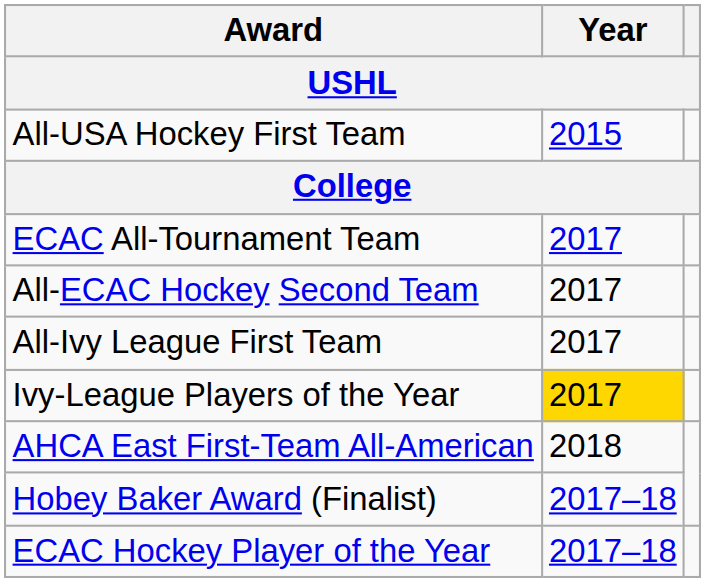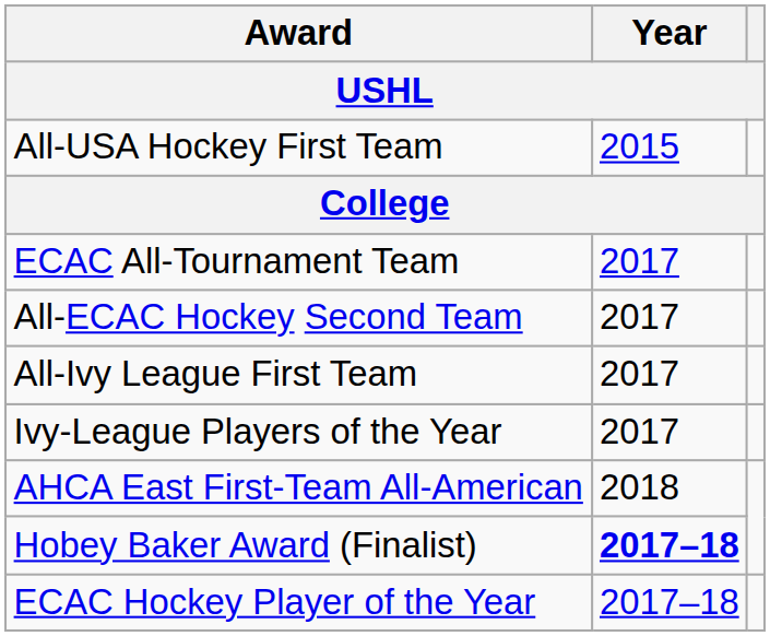 <table class="wikitable">
 <tr>
 <th>Award</th>
 <th>Year</th>
 <th></th>
 </tr>
 <tr>
 <th colspan="3"><a href='#'>USHL</a></th>
 </tr>
 <tr>
 <td>All-USA Hockey First Team</td>
 <td><a href='#'>2015</a></td>
 <td></td>
 </tr>
 <tr>
 <th colspan="3"><a href='#'>College</a></th>
 </tr>
 <tr>
 <td><a href='#'>ECAC</a> All-Tournament Team</td>
 <td><a href='#'>2017</a></td>
 <td></td>
 </tr>
 <tr>
 <td>All-<a href='#'>ECAC Hockey</a> <a href='#'>Second Team</a></td>
 <td>2017</td>
 <td></td>
 </tr>
 <tr>
 <td>All-Ivy League First Team</td>
 <td>2017</td>
 <td></td>
 </tr>
 <tr>
 <td>Ivy-League Players of the Year</td>
-<td style="background: gold;">2017</td>
+<td>2017</td>
 <td></td>
 </tr>
 <tr>
 <td><a href='#'>AHCA East First-Team All-American</a></td>
 <td>2018</td>
 <td rowspan="2"></td>
 </tr>
 <tr>
 <td><a href='#'>Hobey Baker Award</a> (Finalist)</td>
-<td><a href='#'>2017–18</a></td>
+<td><strong><a href='#'>2017–18</a></strong></td>
 </tr>
 <tr>
 <td><a href='#'>ECAC Hockey Player of the Year</a></td>
 <td><a href='#'>2017–18</a></td>
 <td></td>
 </tr>
 </table>
